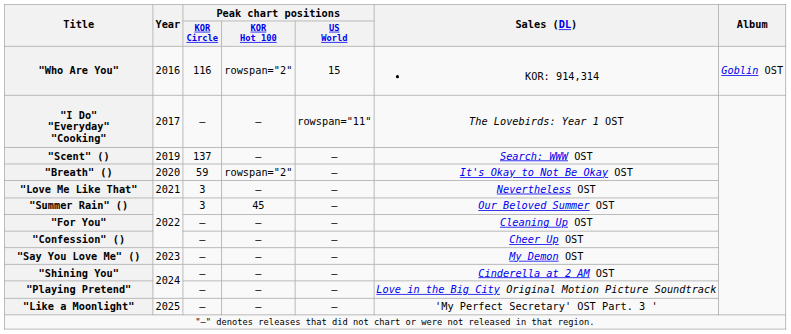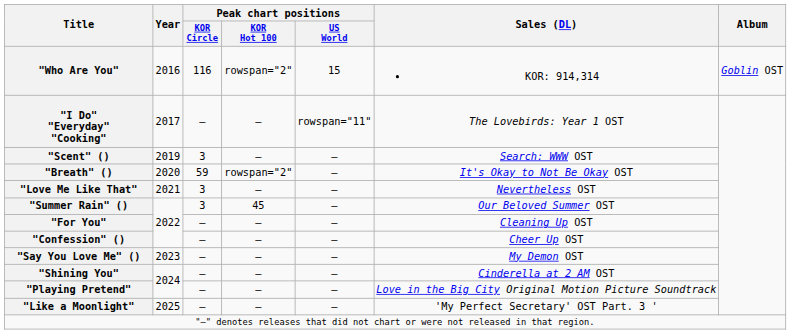 <table class="wikitable plainrowheaders" style="text-align:center;">
 <tr>
 <th scope="col" rowspan="2" style="width:14em;">Title</th>
 <th scope="col" rowspan="2">Year</th>
 <th colspan="3" scope="col">Peak chart positions</th>
 <th scope="col" rowspan="2">Sales (<a href='#'>DL</a>)</th>
 <th scope="col" rowspan="2">Album</th>
 </tr>
 <tr>
 <th style="width:4em;font-size:85%;"><a href='#'>KOR<br>Circle</a><br></th>
 <th style="width:4em;font-size:85%;"><a href='#'>KOR<br>Hot 100</a><br></th>
 <th style="width:4em;font-size:85%;"><a href='#'>US<br>World</a><br></th>
 </tr>
 <tr>
 <th scope="row">"Who Are You"</th>
 <td>2016</td>
 <td>116</td>
 <td>rowspan="2" </td>
 <td>15</td>
 <td><br><ul><li>KOR: 914,314</li></ul></td>
 <td><em><a href='#'>Goblin</a></em> OST</td>
 </tr>
 <tr>
 <th scope ="row"><br>"I Do" <br> "Everyday" <br> "Cooking"</th>
 <td>2017</td>
 <td>—</td>
 <td>—</td>
 <td>rowspan="11" </td>
 <td><em>The Lovebirds: Year 1</em> OST </td>
 </tr>
 <tr>
 <th scope="row">"Scent" ()</th>
 <td>2019</td>
-<td>137</td>
+<td>3</td>
 <td>—</td>
 <td>—</td>
 <td><em><a href='#'>Search: WWW</a></em> OST</td>
 </tr>
 <tr>
 <th scope="row">"Breath" ()</th>
 <td>2020</td>
 <td>59</td>
 <td>rowspan="2" </td>
 <td>—</td>
 <td><em><a href='#'>It's Okay to Not Be Okay</a></em> OST</td>
 </tr>
 <tr>
 <th scope="row">"Love Me Like That"</th>
 <td>2021</td>
 <td>3</td>
 <td>—</td>
 <td>—</td>
 <td><em><a href='#'>Nevertheless</a></em> OST</td>
 </tr>
 <tr>
 <th scope="row">"Summer Rain" ()</th>
 <td rowspan="3">2022</td>
 <td>3</td>
 <td>45</td>
 <td>—</td>
 <td><em><a href='#'>Our Beloved Summer</a></em> OST</td>
 </tr>
 <tr>
 <th scope="row">"For You"</th>
 <td>—</td>
 <td>—</td>
 <td>—</td>
 <td><em><a href='#'>Cleaning Up</a></em> OST</td>
 </tr>
 <tr>
 <th scope="row">"Confession" ()</th>
 <td>—</td>
 <td>—</td>
 <td>—</td>
 <td><em><a href='#'>Cheer Up</a></em> OST</td>
 </tr>
 <tr>
 <th scope="row">"Say You Love Me" ()</th>
 <td>2023</td>
 <td>—</td>
 <td>—</td>
 <td>—</td>
 <td><em><a href='#'>My Demon</a></em> OST</td>
 </tr>
 <tr>
 <th scope="row">"Shining You"</th>
 <td rowspan="2">2024</td>
 <td>—</td>
 <td>—</td>
 <td>—</td>
 <td><em><a href='#'>Cinderella at 2 AM</a></em> OST</td>
 </tr>
 <tr>
 <th scope="row">"Playing Pretend"</th>
 <td>—</td>
 <td>—</td>
 <td>—</td>
 <td><em><a href='#'>Love in the Big City</a> Original Motion Picture Soundtrack</em></td>
 </tr>
 <tr>
 <th scope="row">"Like a Moonlight"</th>
 <td>2025</td>
 <td>—</td>
 <td>—</td>
 <td>—</td>
 <td>'My Perfect Secretary' OST Part. 3 '</td>
 </tr>
 <tr>
 <td colspan="7" style="font-size:85%;">"—" denotes releases that did not chart or were not released in that region.</td>
 </tr>
 </table>
